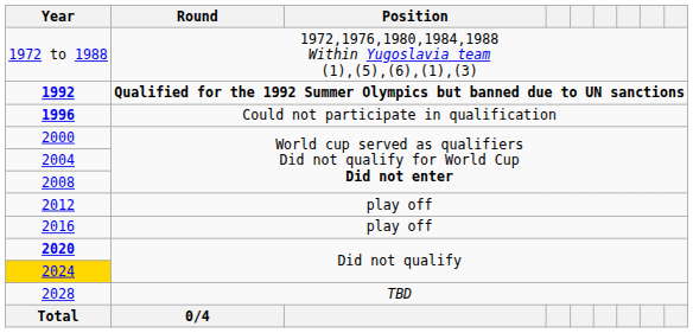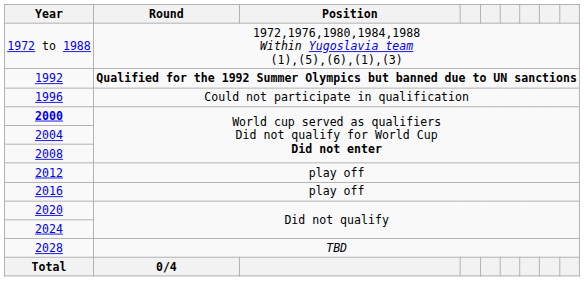 <table class="wikitable" style="text-align: center;">
 <tr>
 <th>Year</th>
 <th>Round</th>
 <th>Position</th>
 <th></th>
 <th></th>
 <th></th>
 <th></th>
 <th></th>
 <th></th>
 </tr>
 <tr>
 <td> <a href='#'>1972</a> to  <a href='#'>1988</a></td>
 <td colspan="8">1972,1976,1980,1984,1988<br><em>Within <a href='#'>Yugoslavia team</a></em><br>(1),(5),(6),(1),(3)</td>
 </tr>
 <tr>
-<td><strong> <a href='#'>1992</a></strong></td>
+<td> <a href='#'>1992</a></td>
 <td colspan=8><strong> Qualified for the 1992 Summer Olympics but banned due to UN sanctions</strong></td>
 </tr>
 <tr>
-<td><strong> <a href='#'>1996</a></strong></td>
+<td> <a href='#'>1996</a></td>
 <td colspan=8>Could not participate in qualification</td>
 </tr>
 <tr>
-<td> <a href='#'>2000</a></td>
+<td><strong> <a href='#'>2000</a></strong></td>
 <td colspan=8 rowspan=3>World cup served as qualifiers<br>Did not qualify for World Cup<br> <strong>Did not enter</strong></td>
 </tr>
 <tr>
 <td> <a href='#'>2004</a></td>
 </tr>
 <tr>
 <td> <a href='#'>2008</a></td>
 </tr>
 <tr>
 <td> <a href='#'>2012</a></td>
 <td colspan=8>play off</td>
 </tr>
 <tr>
 <td> <a href='#'>2016</a></td>
 <td colspan=8>play off</td>
 </tr>
 <tr>
-<td><strong> <a href='#'>2020</a></strong></td>
+<td> <a href='#'>2020</a></td>
 <td colspan=8 rowspan=2>Did not qualify</td>
 </tr>
 <tr>
-<td style="background: gold;"> <a href='#'>2024</a></td>
+<td> <a href='#'>2024</a></td>
 </tr>
 <tr>
 <td> <a href='#'>2028</a></td>
 <td colspan="8"><em>TBD</em></td>
 </tr>
 <tr>
 <th>Total</th>
 <th>0/4</th>
 <th></th>
 <th></th>
 <th></th>
 <th></th>
 <th></th>
 <th></th>
 <th></th>
 </tr>
 </table>
